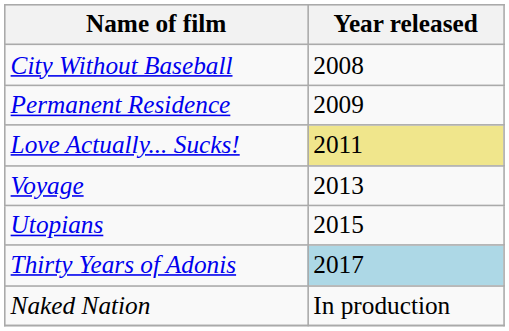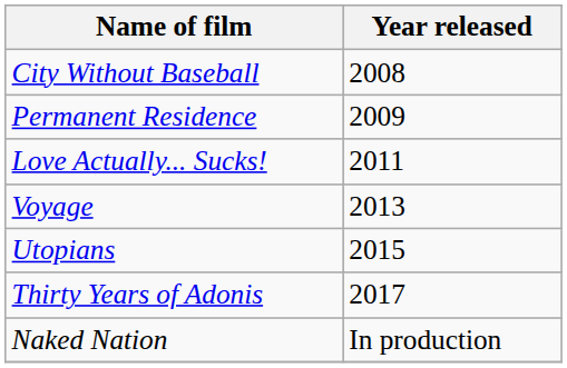 <table class="wikitable" width="20%">
 <tr>
 <th>Name of film</th>
 <th>Year released</th>
 </tr>
 <tr>
 <td><em><a href='#'>City Without Baseball</a></em></td>
 <td>2008</td>
 </tr>
 <tr>
 <td><em><a href='#'>Permanent Residence</a></em></td>
 <td>2009</td>
 </tr>
 <tr>
 <td><em><a href='#'>Love Actually... Sucks!</a></em></td>
-<td style="background: khaki;">2011</td>
+<td>2011</td>
 </tr>
 <tr>
 <td><em><a href='#'>Voyage</a></em></td>
 <td>2013</td>
 </tr>
 <tr>
 <td><em><a href='#'>Utopians</a></em></td>
 <td>2015</td>
 </tr>
 <tr>
 <td><em><a href='#'>Thirty Years of Adonis</a></em></td>
-<td style="background: lightblue;">2017</td>
+<td>2017</td>
 </tr>
 <tr>
 <td><em>Naked Nation</em></td>
 <td>In production</td>
 </tr>
 <tr>
 </tr>
 </table>
